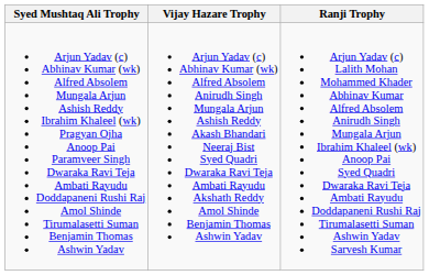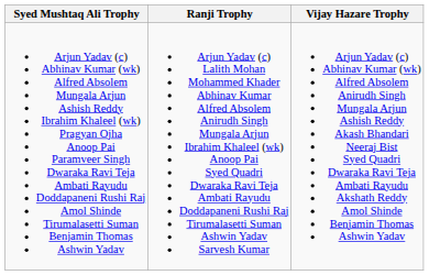 <table class="wikitable" style="text-align:center; margin:auto">
 <tr>
 <th>Syed Mushtaq Ali Trophy</th>
+<th>Ranji Trophy</th>
 <th>Vijay Hazare Trophy</th>
-<th>Ranji Trophy</th>
 </tr>
 <tr style="vertical-align:top">
 <td><br><ul><li><a href='#'>Arjun Yadav</a> (<a href='#'>c</a>)</li><li><a href='#'>Abhinav Kumar</a> (<a href='#'>wk</a>)</li><li><a href='#'>Alfred Absolem</a></li><li><a href='#'>Mungala Arjun</a></li><li><a href='#'>Ashish Reddy</a></li><li><a href='#'>Ibrahim Khaleel</a> (<a href='#'>wk</a>)</li><li><a href='#'>Pragyan Ojha</a></li><li><a href='#'>Anoop Pai</a></li><li><a href='#'>Paramveer Singh</a></li><li><a href='#'>Dwaraka Ravi Teja</a></li><li><a href='#'>Ambati Rayudu</a></li><li><a href='#'>Doddapaneni Rushi Raj</a></li><li><a href='#'>Amol Shinde</a></li><li><a href='#'>Tirumalasetti Suman</a></li><li><a href='#'>Benjamin Thomas</a></li><li><a href='#'>Ashwin Yadav</a></li></ul></td>
+<td><br><ul><li><a href='#'>Arjun Yadav</a> (<a href='#'>c</a>)</li><li><a href='#'>Lalith Mohan</a></li><li><a href='#'>Mohammed Khader</a></li><li><a href='#'>Abhinav Kumar</a></li><li><a href='#'>Alfred Absolem</a></li><li><a href='#'>Anirudh Singh</a></li><li><a href='#'>Mungala Arjun</a></li><li><a href='#'>Ibrahim Khaleel</a> (<a href='#'>wk</a>)</li><li><a href='#'>Anoop Pai</a></li><li><a href='#'>Syed Quadri</a></li><li><a href='#'>Dwaraka Ravi Teja</a></li><li><a href='#'>Ambati Rayudu</a></li><li><a href='#'>Doddapaneni Rushi Raj</a></li><li><a href='#'>Tirumalasetti Suman</a></li><li><a href='#'>Ashwin Yadav</a></li><li><a href='#'>Sarvesh Kumar</a></li></ul></td>
 <td><br><ul><li><a href='#'>Arjun Yadav</a> (<a href='#'>c</a>)</li><li><a href='#'>Abhinav Kumar</a> (<a href='#'>wk</a>)</li><li><a href='#'>Alfred Absolem</a></li><li><a href='#'>Anirudh Singh</a></li><li><a href='#'>Mungala Arjun</a></li><li><a href='#'>Ashish Reddy</a></li><li><a href='#'>Akash Bhandari</a></li><li><a href='#'>Neeraj Bist</a></li><li><a href='#'>Syed Quadri</a></li><li><a href='#'>Dwaraka Ravi Teja</a></li><li><a href='#'>Ambati Rayudu</a></li><li><a href='#'>Akshath Reddy</a></li><li><a href='#'>Amol Shinde</a></li><li><a href='#'>Benjamin Thomas</a></li><li><a href='#'>Ashwin Yadav</a></li></ul></td>
-<td><br><ul><li><a href='#'>Arjun Yadav</a> (<a href='#'>c</a>)</li><li><a href='#'>Lalith Mohan</a></li><li><a href='#'>Mohammed Khader</a></li><li><a href='#'>Abhinav Kumar</a></li><li><a href='#'>Alfred Absolem</a></li><li><a href='#'>Anirudh Singh</a></li><li><a href='#'>Mungala Arjun</a></li><li><a href='#'>Ibrahim Khaleel</a> (<a href='#'>wk</a>)</li><li><a href='#'>Anoop Pai</a></li><li><a href='#'>Syed Quadri</a></li><li><a href='#'>Dwaraka Ravi Teja</a></li><li><a href='#'>Ambati Rayudu</a></li><li><a href='#'>Doddapaneni Rushi Raj</a></li><li><a href='#'>Tirumalasetti Suman</a></li><li><a href='#'>Ashwin Yadav</a></li><li><a href='#'>Sarvesh Kumar</a></li></ul></td>
 </tr>
 </table>
